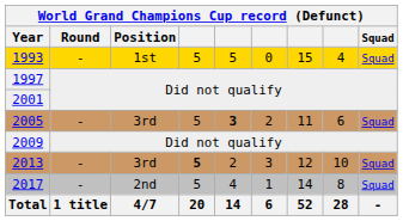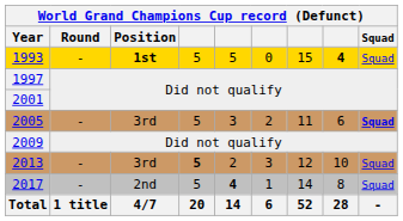 <table class="wikitable collapsible collapsed" style="text-align: center;">
 <tr>
 <th colspan=9><a href='#'>World Grand Champions Cup record</a> (Defunct)</th>
 </tr>
 <tr>
 <th>Year</th>
 <th>Round</th>
 <th>Position</th>
 <th width=30></th>
 <th width=30></th>
 <th width=30></th>
 <th width=30></th>
 <th width=30></th>
 <th><small>Squad</small></th>
 </tr>
 <tr bgcolor="gold">
 <td> <a href='#'>1993</a></td>
 <td>-</td>
-<td>1st</td>
+<td><strong>1st</strong></td>
 <td>5</td>
 <td>5</td>
 <td>0</td>
 <td>15</td>
-<td>4</td>
+<td><strong>4</strong></td>
 <td><small><a href='#'>Squad</a></small></td>
 </tr>
 <tr bgcolor="efefef">
 <td> <a href='#'>1997</a></td>
 <td colspan=8 rowspan=2 align=center>Did not qualify</td>
 </tr>
 <tr bgcolor="efefef">
 <td> <a href='#'>2001</a></td>
 </tr>
 <tr bgcolor="#cc9966">
 <td> <a href='#'>2005</a></td>
 <td>-</td>
 <td>3rd</td>
 <td>5</td>
-<td><strong>3</strong></td>
+<td>3</td>
 <td>2</td>
 <td>11</td>
 <td>6</td>
-<td><small><a href='#'>Squad</a></small></td>
+<td><strong><small><a href='#'>Squad</a></small></strong></td>
 </tr>
 <tr bgcolor="efefef">
 <td> <a href='#'>2009</a></td>
 <td colspan=8 rowspan=1 align=center>Did not qualify</td>
 </tr>
 <tr bgcolor="#cc9966">
 <td> <a href='#'>2013</a></td>
 <td>-</td>
 <td>3rd</td>
 <td><strong>5</strong></td>
 <td>2</td>
 <td>3</td>
 <td>12</td>
 <td>10</td>
 <td><small><a href='#'>Squad</a></small></td>
 </tr>
 <tr bgcolor="silver">
 <td> <a href='#'>2017</a></td>
 <td>-</td>
 <td>2nd</td>
 <td>5</td>
-<td>4</td>
+<td><strong>4</strong></td>
 <td>1</td>
 <td>14</td>
 <td>8</td>
 <td><small><a href='#'>Squad</a></small></td>
 </tr>
 <tr>
 <th>Total</th>
 <th>1 title</th>
 <th>4/7</th>
 <th>20</th>
 <th>14</th>
 <th>6</th>
 <th>52</th>
 <th>28</th>
 <th>-</th>
 </tr>
 </table>
